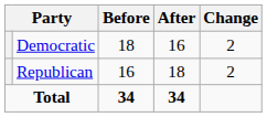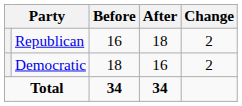 <table class="wikitable" style="text-align:center;">
 <tr>
 <th colspan="2">Party</th>
 <th>Before</th>
 <th>After</th>
 <th>Change</th>
 </tr>
 <tr>
 <th style="background-color:"></th>
-<td style="text-align:left;"><a href='#'>Democratic</a></td>
+<td style="text-align:left;"><a href='#'>Republican</a></td>
+<td>16</td>
 <td>18</td>
-<td>16</td>
 <td> 2</td>
 </tr>
 <tr>
 <th style="background-color:"></th>
-<td style="text-align:left;"><a href='#'>Republican</a></td>
+<td style="text-align:left;"><a href='#'>Democratic</a></td>
+<td>18</td>
 <td>16</td>
-<td>18</td>
 <td> 2</td>
 </tr>
 <tr>
 <td colspan="2"><strong>Total</strong></td>
 <td><strong>34</strong></td>
 <td><strong>34</strong></td>
 <td></td>
 </tr>
 </table>
